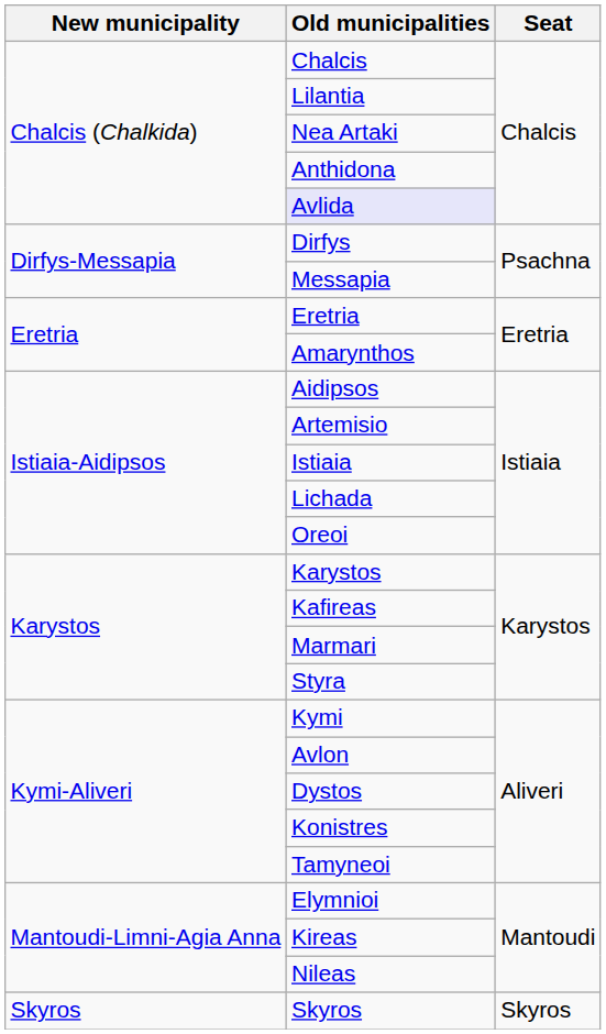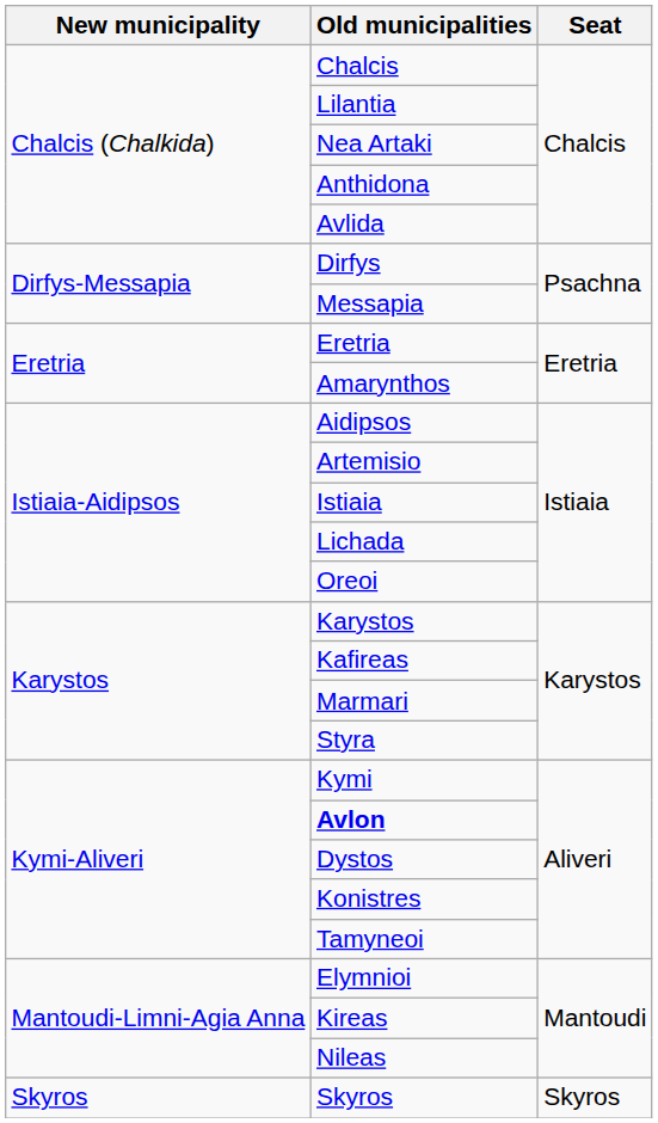 <table class="wikitable">
 <tr>
 <th>New municipality</th>
 <th>Old municipalities</th>
 <th>Seat</th>
 </tr>
 <tr>
 <td rowspan=5><a href='#'>Chalcis</a> (<em>Chalkida</em>)</td>
 <td><a href='#'>Chalcis</a></td>
 <td rowspan=5>Chalcis</td>
 </tr>
 <tr>
 <td><a href='#'>Lilantia</a></td>
 </tr>
 <tr>
 <td><a href='#'>Nea Artaki</a></td>
 </tr>
 <tr>
 <td><a href='#'>Anthidona</a></td>
 </tr>
 <tr>
-<td style="background: lavender;"><a href='#'>Avlida</a></td>
+<td><a href='#'>Avlida</a></td>
 </tr>
 <tr>
 <td rowspan=2><a href='#'>Dirfys-Messapia</a></td>
 <td><a href='#'>Dirfys</a></td>
 <td rowspan=2>Psachna</td>
 </tr>
 <tr>
 <td><a href='#'>Messapia</a></td>
 </tr>
 <tr>
 <td rowspan=2><a href='#'>Eretria</a></td>
 <td><a href='#'>Eretria</a></td>
 <td rowspan=2>Eretria</td>
 </tr>
 <tr>
 <td><a href='#'>Amarynthos</a></td>
 </tr>
 <tr>
 <td rowspan=5><a href='#'>Istiaia-Aidipsos</a></td>
 <td><a href='#'>Aidipsos</a></td>
 <td rowspan=5>Istiaia</td>
 </tr>
 <tr>
 <td><a href='#'>Artemisio</a></td>
 </tr>
 <tr>
 <td><a href='#'>Istiaia</a></td>
 </tr>
 <tr>
 <td><a href='#'>Lichada</a></td>
 </tr>
 <tr>
 <td><a href='#'>Oreoi</a></td>
 </tr>
 <tr>
 <td rowspan=4><a href='#'>Karystos</a></td>
 <td><a href='#'>Karystos</a></td>
 <td rowspan=4>Karystos</td>
 </tr>
 <tr>
 <td><a href='#'>Kafireas</a></td>
 </tr>
 <tr>
 <td><a href='#'>Marmari</a></td>
 </tr>
 <tr>
 <td><a href='#'>Styra</a></td>
 </tr>
 <tr>
 <td rowspan=5><a href='#'>Kymi-Aliveri</a></td>
 <td><a href='#'>Kymi</a></td>
 <td rowspan=5>Aliveri</td>
 </tr>
 <tr>
-<td><a href='#'>Avlon</a></td>
+<td><strong><a href='#'>Avlon</a></strong></td>
 </tr>
 <tr>
 <td><a href='#'>Dystos</a></td>
 </tr>
 <tr>
 <td><a href='#'>Konistres</a></td>
 </tr>
 <tr>
 <td><a href='#'>Tamyneoi</a></td>
 </tr>
 <tr>
 <td rowspan=3><a href='#'>Mantoudi-Limni-Agia Anna</a></td>
 <td><a href='#'>Elymnioi</a></td>
 <td rowspan=3>Mantoudi</td>
 </tr>
 <tr>
 <td><a href='#'>Kireas</a></td>
 </tr>
 <tr>
 <td><a href='#'>Nileas</a></td>
 </tr>
 <tr>
 <td><a href='#'>Skyros</a></td>
 <td><a href='#'>Skyros</a></td>
 <td>Skyros</td>
 </tr>
 </table>
